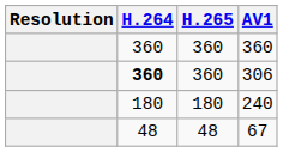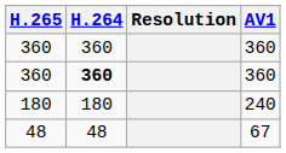 <table class="wikitable" style="text-align: center;">
 <tr>
+<th><a href='#'>H.265</a></th>
+<th><a href='#'>H.264</a></th>
 <th>Resolution</th>
-<th><a href='#'>H.264</a></th>
-<th><a href='#'>H.265</a></th>
 <th><a href='#'>AV1</a></th>
 </tr>
 <tr>
-<th style="text-align: left;"></th>
 <td>360</td>
 <td>360</td>
+<th style="text-align: left;"></th>
 <td>360</td>
 </tr>
 <tr>
+<td>360</td>
+<td><strong>360</strong></td>
 <th style="text-align: left;"></th>
-<td><strong>360</strong></td>
 <td>360</td>
-<td>306</td>
 </tr>
 <tr>
-<th style="text-align: left;"></th>
 <td>180</td>
 <td>180</td>
+<th style="text-align: left;"></th>
 <td>240</td>
 </tr>
 <tr>
-<th style="text-align: left;"></th>
 <td>48</td>
 <td>48</td>
+<th style="text-align: left;"></th>
 <td>67</td>
 </tr>
 </table>
